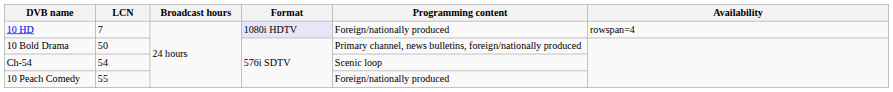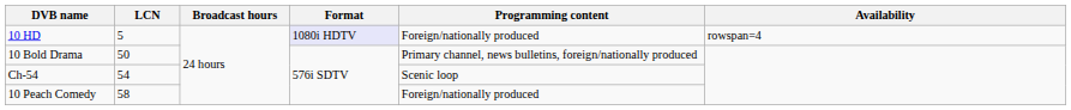 <table class="wikitable" style="font-size:90%; width:100%;">
 <tr>
 <th width="10%">DVB name</th>
 <th width="6%">LCN</th>
 <th width="10%">Broadcast hours</th>
 <th width="10%">Format</th>
 <th width="28%">Programming content</th>
 <th width="33%">Availability</th>
 </tr>
 <tr>
 <td><a href='#'>10 HD</a></td>
-<td>7</td>
+<td>5</td>
 <td rowspan=4>24 hours</td>
 <td style="background: lavender;">1080i HDTV</td>
 <td>Foreign/nationally produced </td>
 <td>rowspan=4 </td>
 </tr>
 <tr>
 <td>10 Bold Drama</td>
 <td>50</td>
 <td rowspan=3>576i SDTV</td>
 <td>Primary channel, news bulletins, foreign/nationally produced </td>
 </tr>
 <tr>
 <td>Ch-54</td>
 <td>54</td>
 <td>Scenic loop </td>
 </tr>
 <tr>
 <td>10 Peach Comedy</td>
-<td>55</td>
+<td>58</td>
 <td>Foreign/nationally produced </td>
 </tr>
 </table>
